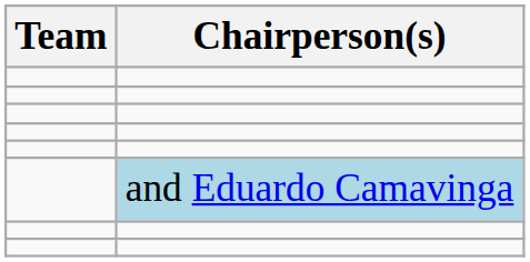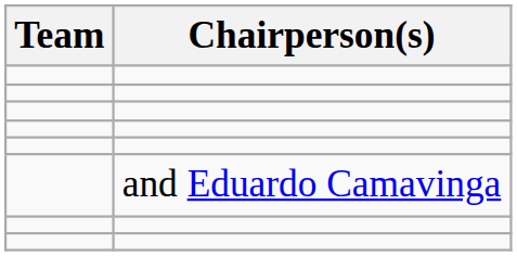 <table class="wikitable sortable" style="text-align: left;">
 <tr>
 <th>Team</th>
 <th>Chairperson(s)</th>
 </tr>
 <tr>
 <td><strong></strong></td>
 <td></td>
 </tr>
 <tr>
 <td><strong></strong></td>
 <td></td>
 </tr>
 <tr>
 <td><strong></strong></td>
 <td></td>
 </tr>
 <tr>
 <td><strong></strong></td>
 <td></td>
 </tr>
 <tr>
 <td><strong></strong></td>
 <td></td>
 </tr>
 <tr>
 <td><strong></strong></td>
-<td style="background: lightblue;"> and  <a href='#'>Eduardo Camavinga</a></td>
+<td> and  <a href='#'>Eduardo Camavinga</a></td>
 </tr>
 <tr>
 <td><strong></strong></td>
 <td></td>
 </tr>
 <tr>
 <td><strong></strong></td>
 <td></td>
 </tr>
 </table>
